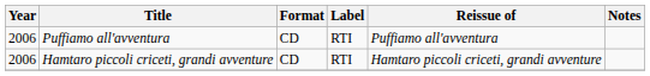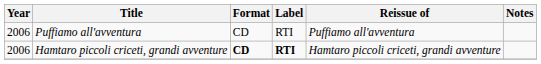 <table class=wikitable>
 <tr>
 <th>Year</th>
 <th>Title</th>
 <th>Format</th>
 <th>Label</th>
 <th>Reissue of</th>
 <th>Notes</th>
 </tr>
 <tr>
 <td>2006</td>
 <td><em>Puffiamo all'avventura</em></td>
 <td>CD</td>
 <td>RTI</td>
 <td><em>Puffiamo all'avventura</em></td>
 <td></td>
 </tr>
 <tr>
 <td>2006</td>
 <td><em>Hamtaro piccoli criceti, grandi avventure</em></td>
-<td>CD</td>
-<td>RTI</td>
+<td><strong>CD</strong></td>
+<td><strong>RTI</strong></td>
 <td><em>Hamtaro piccoli criceti, grandi avventure</em></td>
 <td></td>
 </tr>
 <tr>
 </tr>
 </table>
